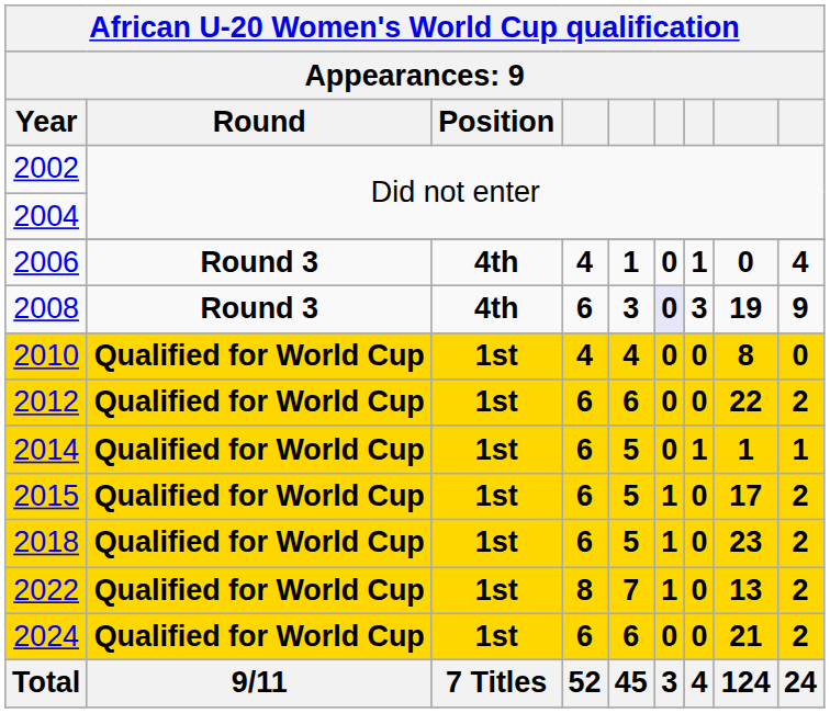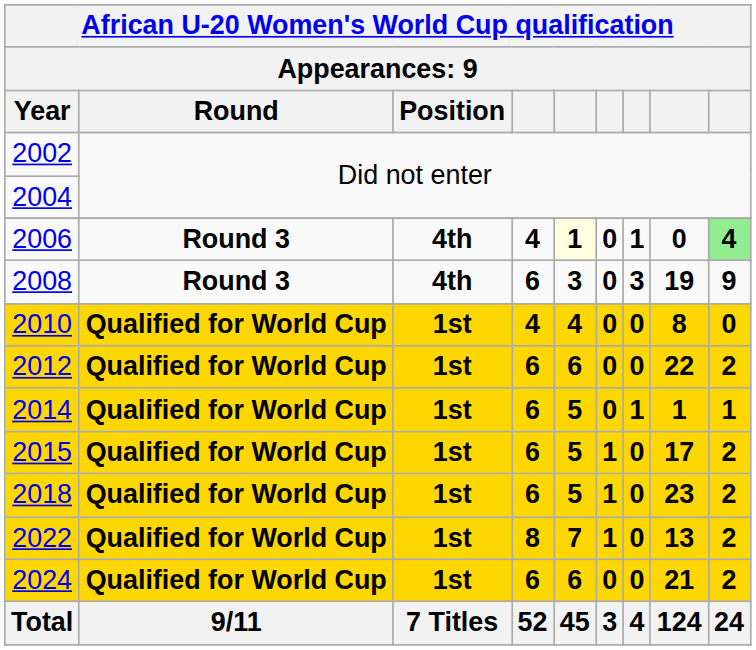 <table class="wikitable" style="text-align: center;">
 <tr>
 <th colspan=9><a href='#'>African U-20 Women's World Cup qualification</a></th>
 </tr>
 <tr>
 <th colspan=9>Appearances: 9</th>
 </tr>
 <tr>
 <th>Year</th>
 <th>Round</th>
 <th>Position</th>
 <th></th>
 <th></th>
 <th></th>
 <th></th>
 <th></th>
 <th></th>
 </tr>
 <tr>
 <td><a href='#'>2002</a></td>
 <td rowspan=2 colspan=8>Did not enter</td>
 </tr>
 <tr>
 <td><a href='#'>2004</a></td>
 </tr>
 <tr>
 </tr>
 <tr>
 <td><a href='#'>2006</a></td>
 <td><strong>Round 3</strong></td>
 <td><strong>4th</strong></td>
 <td><strong>4</strong></td>
-<td><strong>1</strong></td>
+<td style="background: lightyellow;"><strong>1</strong></td>
 <td><strong>0</strong></td>
 <td><strong>1</strong></td>
 <td><strong>0</strong></td>
-<td><strong>4</strong></td>
+<td style="background: lightgreen;"><strong>4</strong></td>
 </tr>
 <tr>
 <td><a href='#'>2008</a></td>
 <td><strong>Round 3</strong></td>
 <td><strong>4th</strong></td>
 <td><strong>6</strong></td>
 <td><strong>3</strong></td>
-<td style="background: lavender;"><strong>0</strong></td>
+<td><strong>0</strong></td>
 <td><strong>3</strong></td>
 <td><strong>19</strong></td>
 <td><strong>9</strong></td>
 </tr>
 <tr bgcolor=Gold>
 <td><a href='#'>2010</a></td>
 <td><strong>Qualified for World Cup</strong></td>
 <td><strong>1st</strong></td>
 <td><strong>4</strong></td>
 <td><strong>4</strong></td>
 <td><strong>0</strong></td>
 <td><strong>0</strong></td>
 <td><strong>8</strong></td>
 <td><strong>0</strong></td>
 </tr>
 <tr bgcolor=Gold>
 <td><a href='#'>2012</a></td>
 <td><strong>Qualified for World Cup</strong></td>
 <td><strong>1st</strong></td>
 <td><strong>6</strong></td>
 <td><strong>6</strong></td>
 <td><strong>0</strong></td>
 <td><strong>0</strong></td>
 <td><strong>22</strong></td>
 <td><strong>2</strong></td>
 </tr>
 <tr bgcolor=Gold>
 <td><a href='#'>2014</a></td>
 <td><strong>Qualified for World Cup</strong></td>
 <td><strong>1st</strong></td>
 <td><strong>6</strong></td>
 <td><strong>5</strong></td>
 <td><strong>0</strong></td>
 <td><strong>1</strong></td>
 <td><strong>1</strong></td>
 <td><strong>1</strong></td>
 </tr>
 <tr bgcolor=Gold>
 <td><a href='#'>2015</a></td>
 <td><strong>Qualified for World Cup</strong></td>
 <td><strong>1st</strong></td>
 <td><strong>6</strong></td>
 <td><strong>5</strong></td>
 <td><strong>1</strong></td>
 <td><strong>0</strong></td>
 <td><strong>17</strong></td>
 <td><strong>2</strong></td>
 </tr>
 <tr bgcolor=Gold>
 <td><a href='#'>2018</a></td>
 <td><strong>Qualified for World Cup</strong></td>
 <td><strong>1st</strong></td>
 <td><strong>6</strong></td>
 <td><strong>5</strong></td>
 <td><strong>1</strong></td>
 <td><strong>0</strong></td>
 <td><strong>23</strong></td>
 <td><strong>2</strong></td>
 </tr>
 <tr bgcolor=Gold>
 <td><a href='#'>2022</a></td>
 <td><strong>Qualified for World Cup</strong></td>
 <td><strong>1st</strong></td>
 <td><strong>8</strong></td>
 <td><strong>7</strong></td>
 <td><strong>1</strong></td>
 <td><strong>0</strong></td>
 <td><strong>13</strong></td>
 <td><strong>2</strong></td>
 </tr>
 <tr bgcolor=Gold>
 <td><a href='#'>2024</a></td>
 <td><strong>Qualified for World Cup</strong></td>
 <td><strong>1st</strong></td>
 <td><strong>6</strong></td>
 <td><strong>6</strong></td>
 <td><strong>0</strong></td>
 <td><strong>0</strong></td>
 <td><strong>21</strong></td>
 <td><strong>2</strong></td>
 </tr>
 <tr>
 <th>Total</th>
 <th>9/11</th>
 <th>7 Titles</th>
 <th>52</th>
 <th>45</th>
 <th>3</th>
 <th>4</th>
 <th>124</th>
 <th>24</th>
 </tr>
 </table>
